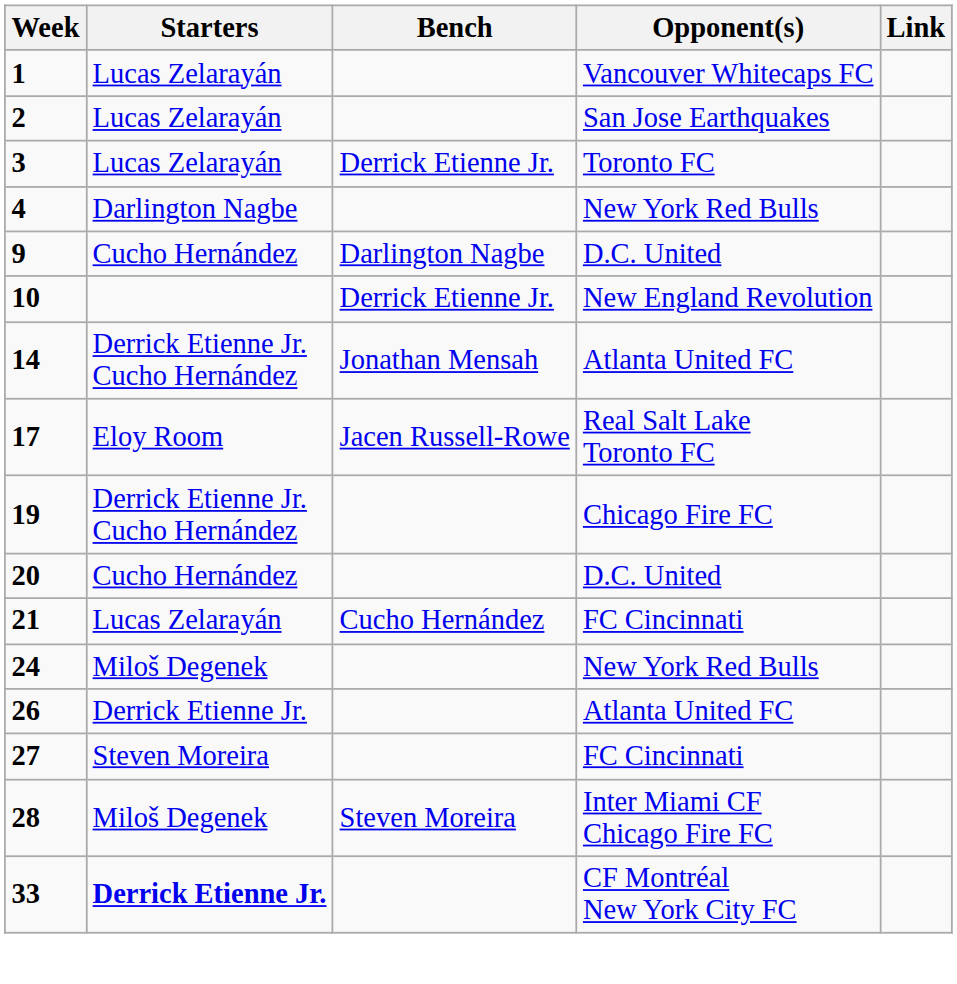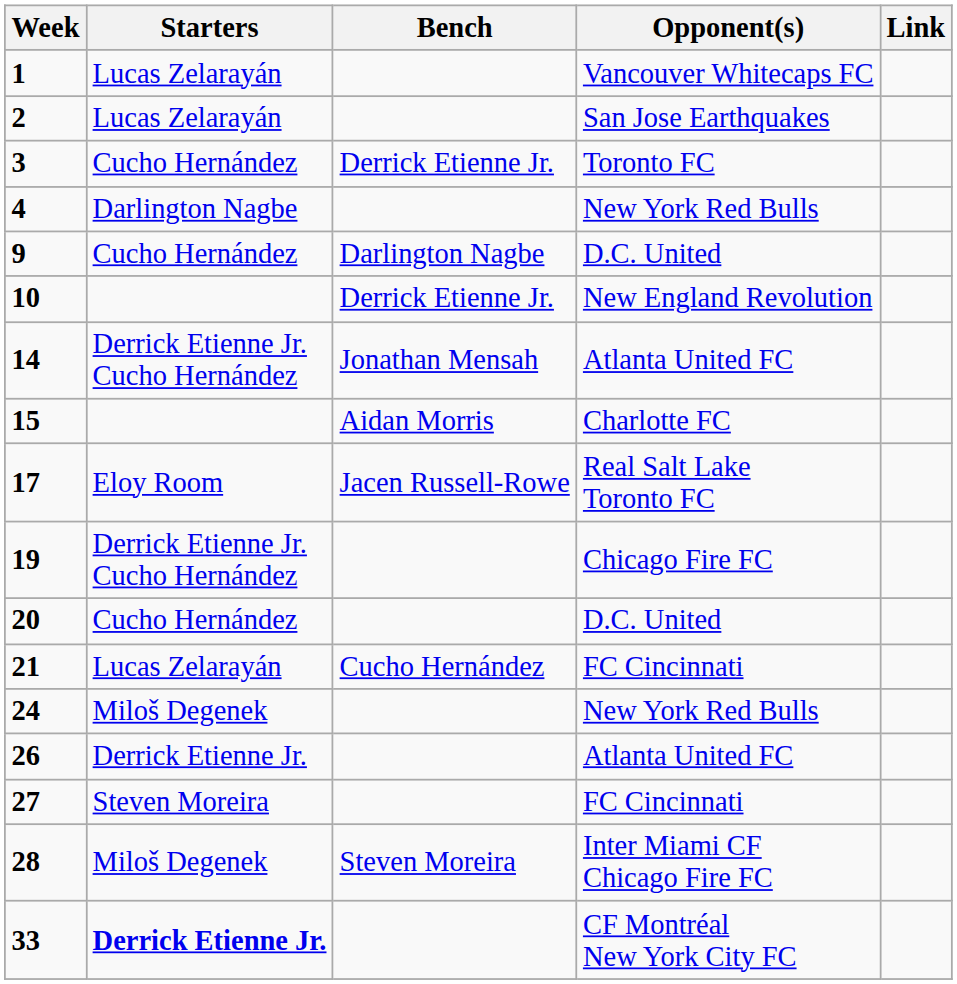 <table class=wikitable style="display:inline-table;">
 <tr>
 <th>Week</th>
 <th>Starters</th>
 <th>Bench</th>
 <th>Opponent(s)</th>
 <th>Link</th>
 </tr>
 <tr>
 <td><strong>1</strong></td>
 <td> <a href='#'>Lucas Zelarayán</a></td>
 <td></td>
 <td> <a href='#'>Vancouver Whitecaps FC</a></td>
 <td></td>
 </tr>
 <tr>
 <td><strong>2</strong></td>
 <td> <a href='#'>Lucas Zelarayán</a></td>
 <td></td>
 <td> <a href='#'>San Jose Earthquakes</a></td>
 <td></td>
 </tr>
 <tr>
 <td><strong>3</strong></td>
-<td> <a href='#'>Lucas Zelarayán</a></td>
+<td> <a href='#'>Cucho Hernández</a></td>
 <td> <a href='#'>Derrick Etienne Jr.</a></td>
 <td> <a href='#'>Toronto FC</a></td>
 <td></td>
 </tr>
 <tr>
 <td><strong>4</strong></td>
 <td> <a href='#'>Darlington Nagbe</a></td>
 <td></td>
 <td> <a href='#'>New York Red Bulls</a></td>
 <td></td>
 </tr>
 <tr>
 <td><strong>9</strong></td>
 <td> <a href='#'>Cucho Hernández</a></td>
 <td> <a href='#'>Darlington Nagbe</a></td>
 <td> <a href='#'>D.C. United</a></td>
 <td></td>
 </tr>
 <tr>
 <td><strong>10</strong></td>
 <td></td>
 <td> <a href='#'>Derrick Etienne Jr.</a></td>
 <td> <a href='#'>New England Revolution</a></td>
 <td></td>
 </tr>
 <tr>
 <td><strong>14</strong></td>
 <td> <a href='#'>Derrick Etienne Jr.</a><br> <a href='#'>Cucho Hernández</a></td>
 <td> <a href='#'>Jonathan Mensah</a></td>
 <td> <a href='#'>Atlanta United FC</a></td>
+<td></td>
+</tr>
+<tr>
+<td><strong>15</strong></td>
+<td></td>
+<td> <a href='#'>Aidan Morris</a></td>
+<td> <a href='#'>Charlotte FC</a></td>
 <td></td>
 </tr>
 <tr>
 <td><strong>17</strong></td>
 <td> <a href='#'>Eloy Room</a></td>
 <td> <a href='#'>Jacen Russell-Rowe</a></td>
 <td> <a href='#'>Real Salt Lake</a><br> <a href='#'>Toronto FC</a></td>
 <td></td>
 </tr>
 <tr>
 <td><strong>19</strong></td>
 <td> <a href='#'>Derrick Etienne Jr.</a><br> <a href='#'>Cucho Hernández</a></td>
 <td></td>
 <td> <a href='#'>Chicago Fire FC</a></td>
 <td></td>
 </tr>
 <tr>
 <td><strong>20</strong></td>
 <td> <a href='#'>Cucho Hernández</a></td>
 <td></td>
 <td> <a href='#'>D.C. United</a></td>
 <td></td>
 </tr>
 <tr>
 <td><strong>21</strong></td>
 <td> <a href='#'>Lucas Zelarayán</a></td>
 <td> <a href='#'>Cucho Hernández</a></td>
 <td> <a href='#'>FC Cincinnati</a></td>
 <td></td>
 </tr>
 <tr>
 <td><strong>24</strong></td>
 <td> <a href='#'>Miloš Degenek</a></td>
 <td></td>
 <td> <a href='#'>New York Red Bulls</a></td>
 <td></td>
 </tr>
 <tr>
 <td><strong>26</strong></td>
 <td> <a href='#'>Derrick Etienne Jr.</a></td>
 <td></td>
 <td> <a href='#'>Atlanta United FC</a></td>
 <td></td>
 </tr>
 <tr>
 <td><strong>27</strong></td>
 <td> <a href='#'>Steven Moreira</a></td>
 <td></td>
 <td> <a href='#'>FC Cincinnati</a></td>
 <td></td>
 </tr>
 <tr>
 <td><strong>28</strong></td>
 <td> <a href='#'>Miloš Degenek</a></td>
 <td> <a href='#'>Steven Moreira</a></td>
 <td> <a href='#'>Inter Miami CF</a><br> <a href='#'>Chicago Fire FC</a></td>
 <td></td>
 </tr>
 <tr>
 <td><strong>33</strong></td>
 <td><strong> <a href='#'>Derrick Etienne Jr.</a></strong></td>
 <td></td>
 <td> <a href='#'>CF Montréal</a><br> <a href='#'>New York City FC</a></td>
 <td></td>
 </tr>
 </table>
